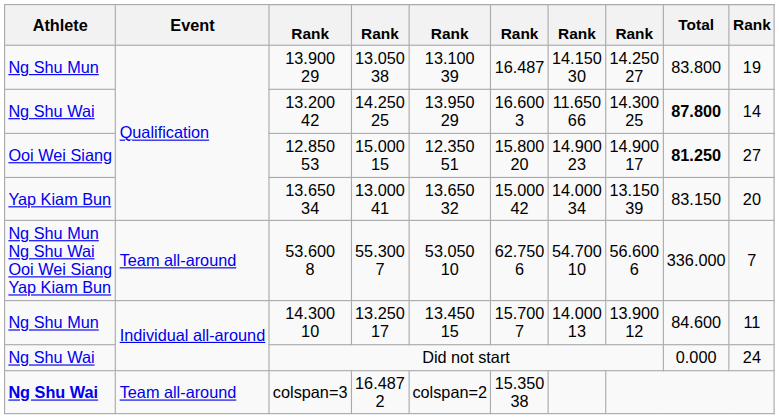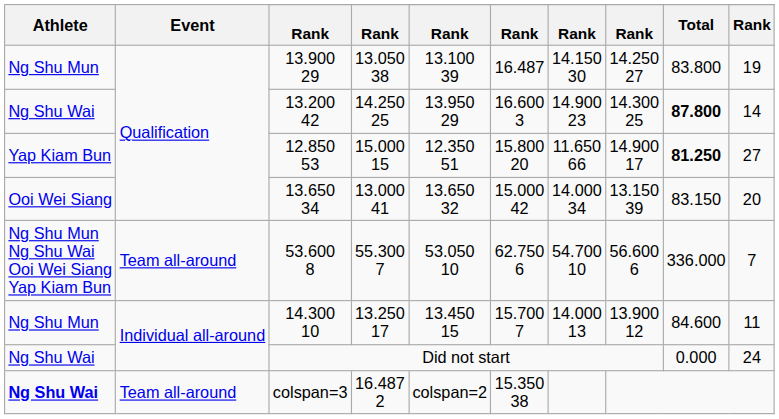 <table class=wikitable style="font-size:90%">
 <tr>
 <th rowspan=2>Athlete</th>
 <th rowspan=2>Event</th>
 </tr>
 <tr style="font-size:95%">
 <th><br>Rank</th>
 <th><br>Rank</th>
 <th><br>Rank</th>
 <th><br>Rank</th>
 <th><br>Rank</th>
 <th><br>Rank</th>
 <th>Total</th>
 <th>Rank</th>
 </tr>
 <tr align=center>
 <td align=left><a href='#'>Ng Shu Mun</a></td>
 <td align=left rowspan=4><a href='#'>Qualification</a></td>
 <td>13.900<br>29</td>
 <td>13.050<br>38</td>
 <td>13.100<br>39</td>
 <td>16.487</td>
 <td>14.150<br>30</td>
 <td>14.250<br>27</td>
 <td>83.800</td>
 <td>19 <strong></strong></td>
 </tr>
 <tr align=center>
 <td align=left><a href='#'>Ng Shu Wai</a></td>
 <td>13.200<br>42</td>
 <td>14.250<br>25</td>
 <td>13.950<br>29</td>
 <td>16.600<br>3 <strong></strong></td>
-<td>11.650<br>66</td>
+<td>14.900<br>23</td>
 <td>14.300<br>25</td>
 <td><strong>87.800</strong></td>
 <td>14 <strong></strong></td>
 </tr>
 <tr align=center>
-<td align=left><a href='#'>Ooi Wei Siang</a></td>
+<td align=left><a href='#'>Yap Kiam Bun</a></td>
 <td>12.850<br>53</td>
 <td>15.000<br>15</td>
 <td>12.350<br>51</td>
 <td>15.800<br>20</td>
-<td>14.900<br>23</td>
+<td>11.650<br>66</td>
 <td>14.900<br>17</td>
 <td><strong>81.250</strong></td>
 <td>27</td>
 </tr>
 <tr align=center>
-<td align=left><a href='#'>Yap Kiam Bun</a></td>
+<td align=left><a href='#'>Ooi Wei Siang</a></td>
 <td>13.650<br>34</td>
 <td>13.000<br>41</td>
 <td>13.650<br>32</td>
 <td>15.000<br>42</td>
 <td>14.000<br>34</td>
 <td>13.150<br>39</td>
 <td>83.150</td>
 <td>20</td>
 </tr>
 <tr align=center>
 <td align=left><a href='#'>Ng Shu Mun</a><br><a href='#'>Ng Shu Wai</a><br><a href='#'>Ooi Wei Siang</a><br><a href='#'>Yap Kiam Bun</a></td>
 <td align=left><a href='#'>Team all-around</a></td>
 <td>53.600<br>8</td>
 <td>55.300<br>7</td>
 <td>53.050<br>10</td>
 <td>62.750<br>6</td>
 <td>54.700<br>10</td>
 <td>56.600<br>6</td>
 <td>336.000</td>
 <td>7</td>
 </tr>
 <tr align=center>
 <td align=left><a href='#'>Ng Shu Mun</a></td>
 <td align=left rowspan=2><a href='#'>Individual all-around</a></td>
 <td>14.300<br>10</td>
 <td>13.250<br>17</td>
 <td>13.450<br>15</td>
 <td>15.700<br>7</td>
 <td>14.000<br>13</td>
 <td>13.900<br>12</td>
 <td>84.600</td>
 <td>11</td>
 </tr>
 <tr align=center>
 <td align=left><a href='#'>Ng Shu Wai</a></td>
 <td colspan=6>Did not start</td>
 <td>0.000</td>
 <td>24</td>
 </tr>
 <tr align=center>
 <td align=left><strong><a href='#'>Ng Shu Wai</a></strong></td>
 <td align=left><a href='#'>Team all-around</a></td>
 <td>colspan=3 </td>
 <td>16.487<br>2</td>
 <td>colspan=2 </td>
 <td>15.350<br>38</td>
 <td></td>
 </tr>
 </table>
